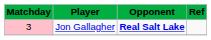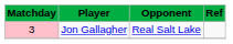 <table class=wikitable>
 <tr>
 <th style="background-color:#00AE42; color:#000000">Matchday</th>
 <th style="background-color:#00AE42; color:#000000">Player</th>
 <th style="background-color:#00AE42; color:#000000">Opponent</th>
 <th style="background-color:#00AE42; color:#000000">Ref</th>
 </tr>
 <tr>
 <td align=center style="background: pink;">3</td>
 <td> <a href='#'>Jon Gallagher</a></td>
-<td><strong><a href='#'>Real Salt Lake</a></strong></td>
+<td><a href='#'>Real Salt Lake</a></td>
 <td style="text-align: center;"></td>
 </tr>
 <tr>
 </tr>
 </table>
